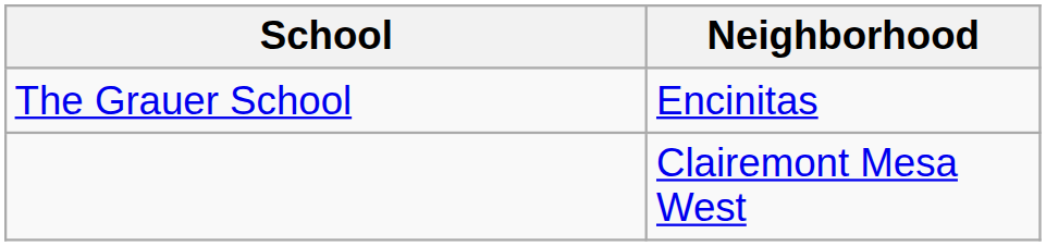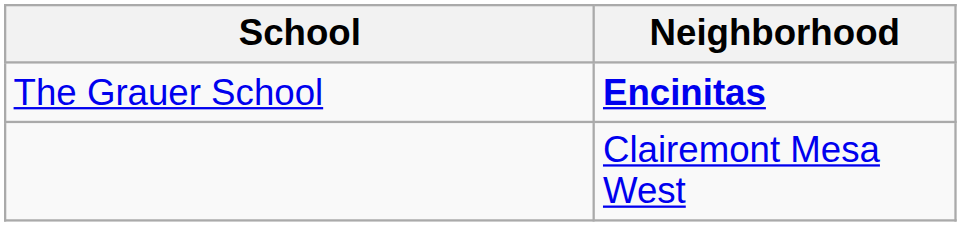 <table class="wikitable">
 <tr>
 <th width="250">School</th>
 <th width="150">Neighborhood</th>
 </tr>
 <tr>
 <td><a href='#'>The Grauer School</a></td>
-<td><a href='#'>Encinitas</a></td>
+<td><strong><a href='#'>Encinitas</a></strong></td>
 </tr>
 <tr>
 <td></td>
 <td><a href='#'>Clairemont Mesa West</a></td>
 </tr>
 </table>
